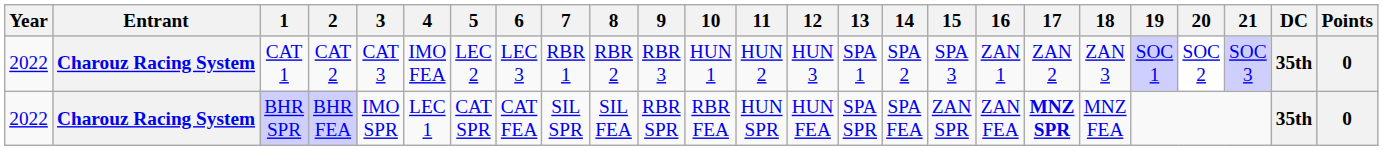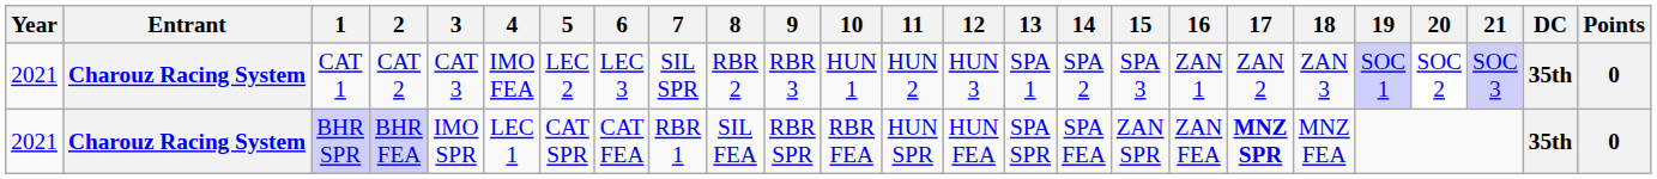 <table class="wikitable" style="text-align:center; font-size:85%">
 <tr>
 <th>Year</th>
 <th>Entrant</th>
 <th>1</th>
 <th>2</th>
 <th>3</th>
 <th>4</th>
 <th>5</th>
 <th>6</th>
 <th>7</th>
 <th>8</th>
 <th>9</th>
 <th>10</th>
 <th>11</th>
 <th>12</th>
 <th>13</th>
 <th>14</th>
 <th>15</th>
 <th>16</th>
 <th>17</th>
 <th>18</th>
 <th>19</th>
 <th>20</th>
 <th>21</th>
 <th>DC</th>
 <th>Points</th>
 </tr>
 <tr>
-<td><a href='#'>2022</a></td>
+<td><a href='#'>2021</a></td>
 <th nowrap><a href='#'>Charouz Racing System</a></th>
 <td style="background:#;"><a href='#'>CAT<br>1</a></td>
 <td style="background:#;"><a href='#'>CAT<br>2</a></td>
 <td style="background:#;"><a href='#'>CAT<br>3</a></td>
 <td style="background:#;#"><a href='#'>IMO<br>FEA</a></td>
 <td style="background:#;"><a href='#'>LEC<br>2</a></td>
 <td style="background:#;"><a href='#'>LEC<br>3</a></td>
-<td style="background:#;"><a href='#'>RBR<br>1</a></td>
+<td style="background:#;#"><a href='#'>SIL<br>SPR</a></td>
 <td style="background:#;"><a href='#'>RBR<br>2</a></td>
 <td style="background:#;"><a href='#'>RBR<br>3</a></td>
 <td style="background:#;"><a href='#'>HUN<br>1</a></td>
 <td style="background:#;"><a href='#'>HUN<br>2</a></td>
 <td style="background:#;"><a href='#'>HUN<br>3</a></td>
 <td style="background:#;"><a href='#'>SPA<br>1</a></td>
 <td style="background:#;"><a href='#'>SPA<br>2</a></td>
 <td style="background:#;"><a href='#'>SPA<br>3</a></td>
 <td style="background:#;"><a href='#'>ZAN<br>1</a></td>
 <td style="background:#;"><a href='#'>ZAN<br>2</a></td>
 <td style="background:#;"><a href='#'>ZAN<br>3</a></td>
 <td style="background:#CFCFFF;"><a href='#'>SOC<br>1</a><br></td>
 <td style="background:#FFFFFF;"><a href='#'>SOC<br>2</a><br></td>
 <td style="background:#CFCFFF;"><a href='#'>SOC<br>3</a><br></td>
 <th>35th</th>
 <th>0</th>
 </tr>
 <tr>
-<td><a href='#'>2022</a></td>
+<td><a href='#'>2021</a></td>
 <th nowrap><a href='#'>Charouz Racing System</a></th>
 <td style="background:#CFCFFF;"><a href='#'>BHR<br>SPR</a><br></td>
 <td style="background:#CFCFFF;"><a href='#'>BHR<br>FEA</a><br></td>
 <td style="background:#;#"><a href='#'>IMO<br>SPR</a></td>
 <td style="background:#;"><a href='#'>LEC<br>1</a></td>
 <td style="background:#;#"><a href='#'>CAT<br>SPR</a></td>
 <td style="background:#;#"><a href='#'>CAT<br>FEA</a></td>
-<td style="background:#;#"><a href='#'>SIL<br>SPR</a></td>
+<td style="background:#;"><a href='#'>RBR<br>1</a></td>
 <td style="background:#;#"><a href='#'>SIL<br>FEA</a></td>
 <td style="background:#;#"><a href='#'>RBR<br>SPR</a></td>
 <td style="background:#;#"><a href='#'>RBR<br>FEA</a></td>
 <td style="background:#;#"><a href='#'>HUN<br>SPR</a></td>
 <td style="background:#;#"><a href='#'>HUN<br>FEA</a></td>
 <td style="background:#;#"><a href='#'>SPA<br>SPR</a></td>
 <td style="background:#;#"><a href='#'>SPA<br>FEA</a></td>
 <td style="background:#;#"><a href='#'>ZAN<br>SPR</a></td>
 <td style="background:#;#"><a href='#'>ZAN<br>FEA</a></td>
 <td style="background:#;#"><strong><a href='#'>MNZ<br>SPR</a></strong></td>
 <td style="background:#;#"><a href='#'>MNZ<br>FEA</a></td>
 <td colspan=3></td>
 <th>35th</th>
 <th>0</th>
 </tr>
 </table>
